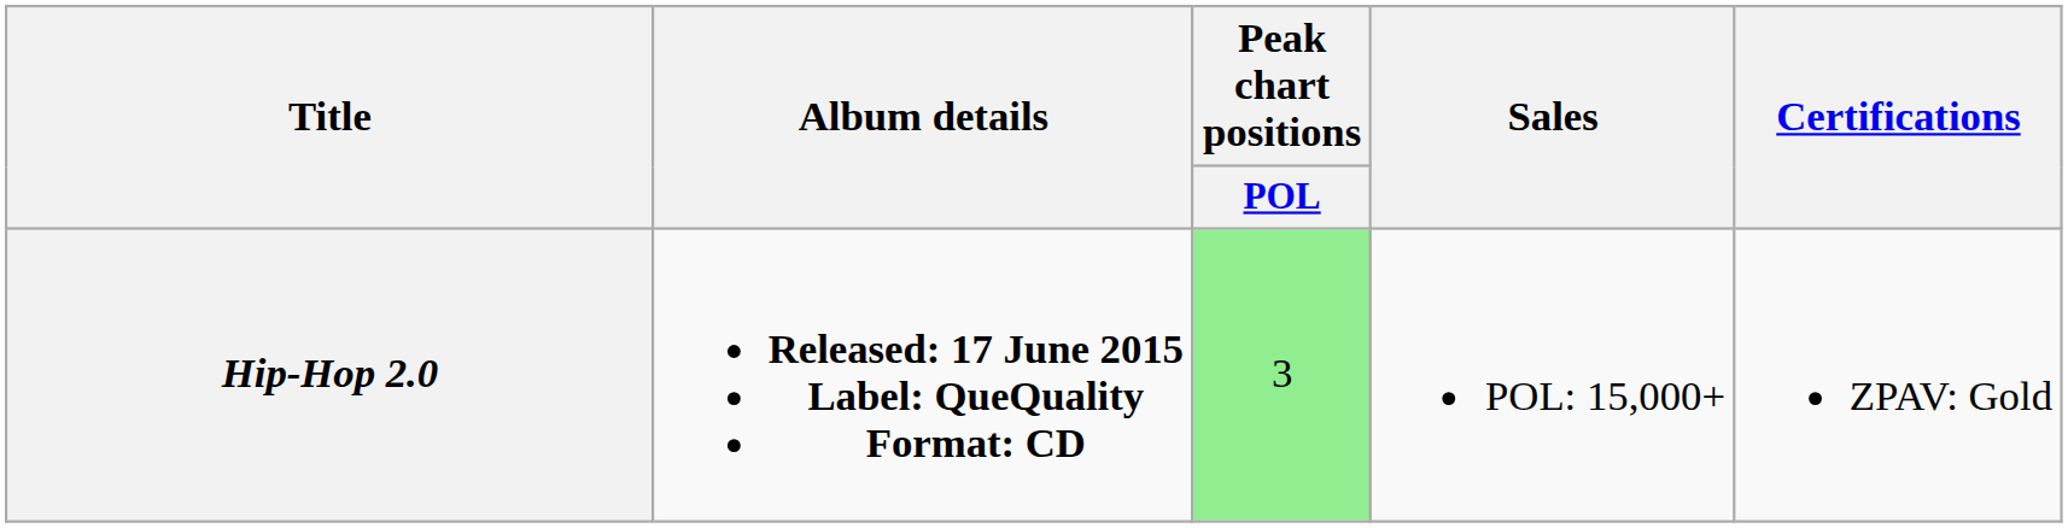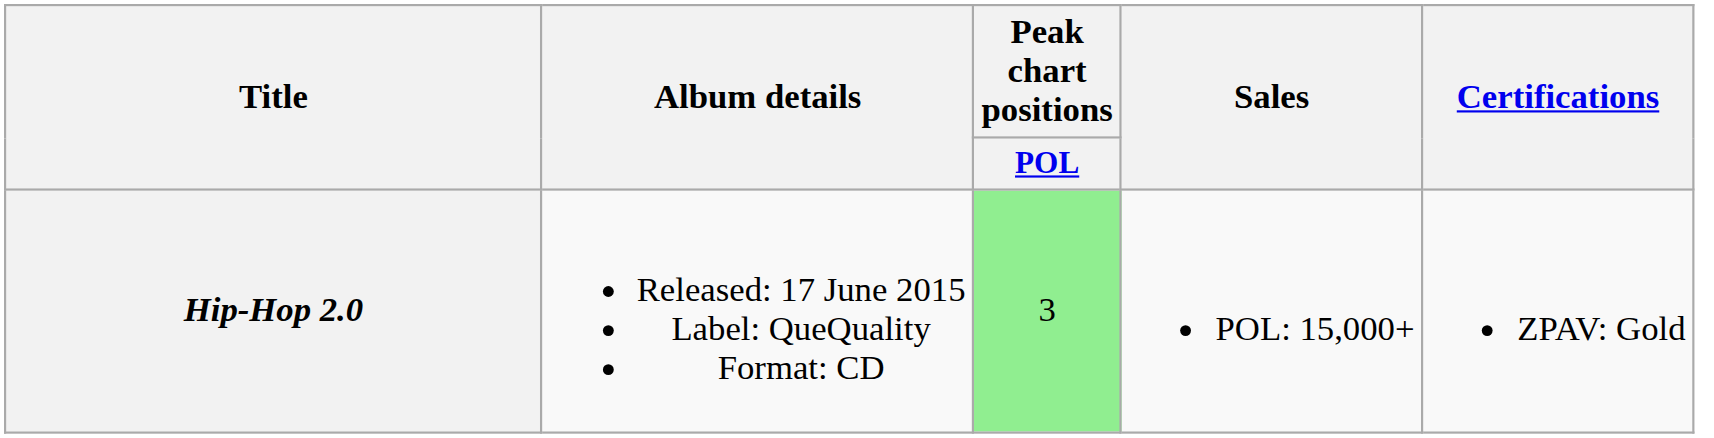 <table class="wikitable plainrowheaders" style="text-align:center;">
 <tr>
 <th rowspan="2" scope="col" style="width:15em;">Title</th>
 <th rowspan="2" scope="col">Album details</th>
 <th colspan="1" scope="col">Peak chart positions</th>
 <th rowspan="2" scope="col">Sales</th>
 <th rowspan="2" scope="col"><a href='#'>Certifications</a></th>
 </tr>
 <tr>
 <th scope="col" style="width:3em;font-size:90%;"><a href='#'>POL</a><br></th>
 </tr>
 <tr>
 <th scope="row"><em>Hip-Hop 2.0</em></th>
-<td><strong><br><ul><li>Released: 17 June 2015</li><li>Label: QueQuality</li><li>Format: CD</li></ul></strong></td>
+<td><br><ul><li>Released: 17 June 2015</li><li>Label: QueQuality</li><li>Format: CD</li></ul></td>
 <td style="background: lightgreen;">3</td>
 <td><br><ul><li>POL: 15,000+</li></ul></td>
 <td><br><ul><li>ZPAV: Gold</li></ul></td>
 </tr>
 </table>
